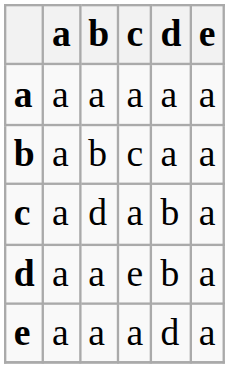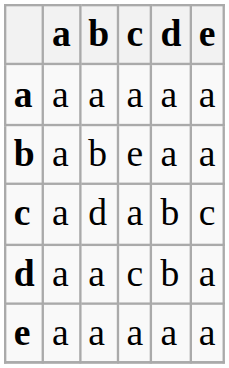 <table class="wikitable">
 <tr>
 <th></th>
 <th>a</th>
 <th>b</th>
 <th>c</th>
 <th>d</th>
 <th>e</th>
 </tr>
 <tr>
 <td><strong>a</strong></td>
 <td>a</td>
 <td>a</td>
 <td>a</td>
 <td>a</td>
 <td>a</td>
 </tr>
 <tr>
 <td><strong>b</strong></td>
 <td>a</td>
 <td>b</td>
-<td>c</td>
+<td>e</td>
 <td>a</td>
 <td>a</td>
 </tr>
 <tr>
 <td><strong>c</strong></td>
 <td>a</td>
 <td>d</td>
 <td>a</td>
 <td>b</td>
-<td>a</td>
+<td>c</td>
 </tr>
 <tr>
 <td><strong>d</strong></td>
 <td>a</td>
 <td>a</td>
-<td>e</td>
+<td>c</td>
 <td>b</td>
 <td>a</td>
 </tr>
 <tr>
 <td><strong>e</strong></td>
 <td>a</td>
 <td>a</td>
 <td>a</td>
-<td>d</td>
+<td>a</td>
 <td>a</td>
 </tr>
 <tr>
 </tr>
 </table>
